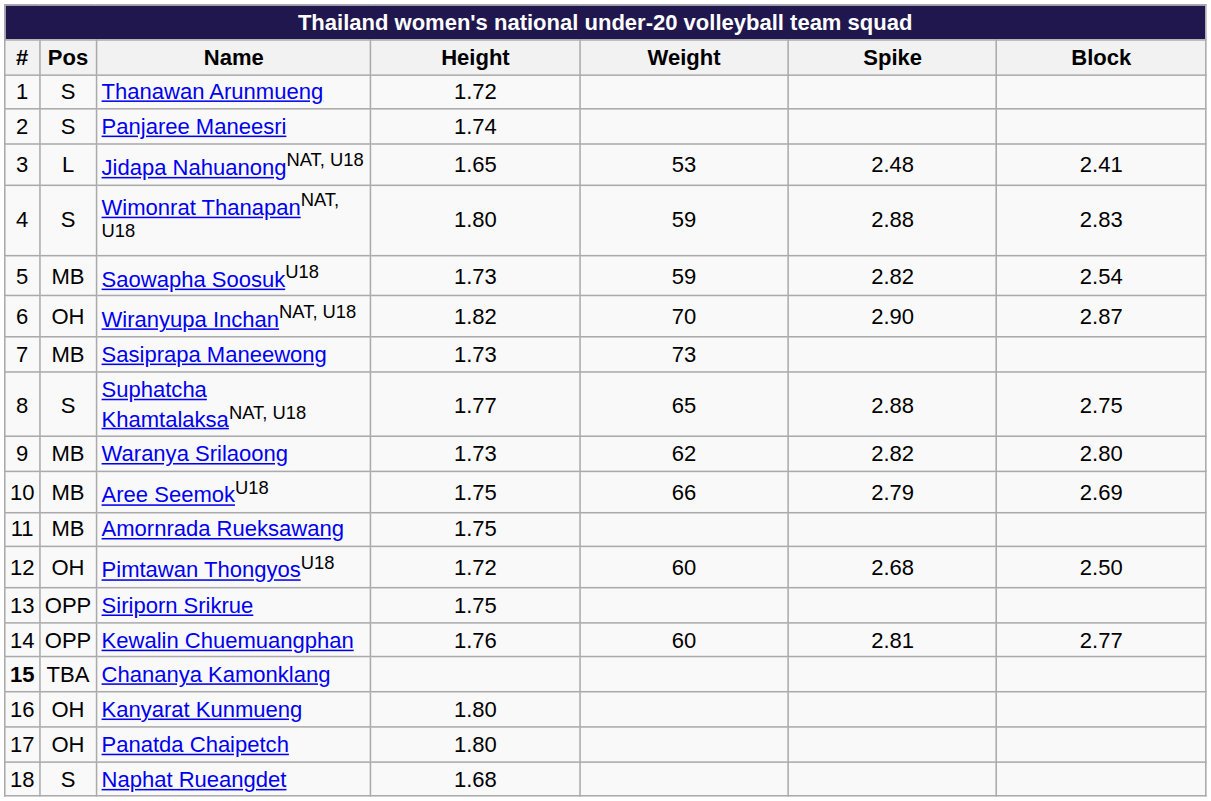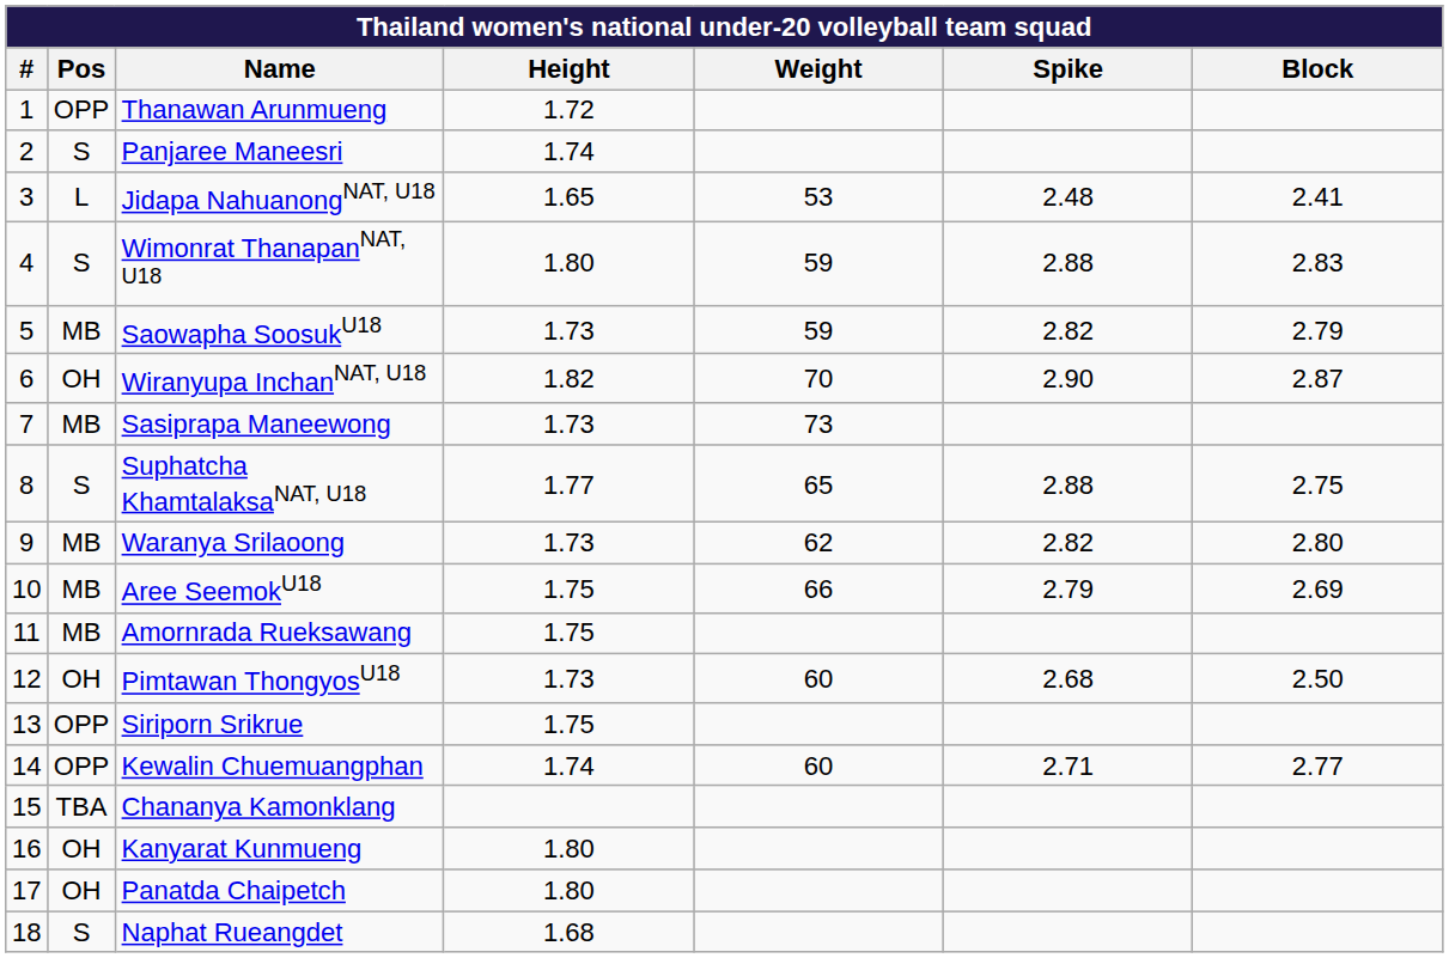 <table class="wikitable sortable" style="font-size:90%; text-align:left;">
 <tr>
 <th colspan=7 style="background:#1F174E; color:#FFFFFF;">Thailand women's national under-20 volleyball team squad</th>
 </tr>
 <tr>
 <th>#</th>
 <th>Pos</th>
 <th style="width:12em">Name</th>
 <th style="width:9em">Height</th>
 <th style="width:9em">Weight</th>
 <th style="width:9em">Spike</th>
 <th style="width:9em">Block</th>
 </tr>
 <tr>
 <td align=center>1</td>
-<td align=center>S</td>
+<td align=center>OPP</td>
 <td><a href='#'>Thanawan Arunmueng</a></td>
 <td align=center>1.72</td>
 <td></td>
 <td></td>
 <td></td>
 </tr>
 <tr>
 <td align=center>2</td>
 <td align=center>S</td>
 <td><a href='#'>Panjaree Maneesri</a></td>
 <td align=center>1.74</td>
 <td></td>
 <td></td>
 <td></td>
 </tr>
 <tr>
 <td align=center>3</td>
 <td align=center>L</td>
 <td><a href='#'>Jidapa Nahuanong</a><sup>NAT, U18</sup></td>
 <td align=center>1.65</td>
 <td align=center>53</td>
 <td align=center>2.48</td>
 <td align=center>2.41</td>
 </tr>
 <tr>
 <td align=center>4</td>
 <td align=center>S</td>
 <td><a href='#'>Wimonrat Thanapan</a><sup>NAT, U18</sup></td>
 <td align=center>1.80</td>
 <td align=center>59</td>
 <td align=center>2.88</td>
 <td align=center>2.83</td>
 </tr>
 <tr>
 <td align=center>5</td>
 <td align=center>MB</td>
 <td><a href='#'>Saowapha Soosuk</a><sup>U18</sup></td>
 <td align=center>1.73</td>
 <td align=center>59</td>
 <td align=center>2.82</td>
-<td align=center>2.54</td>
+<td align=center>2.79</td>
 </tr>
 <tr>
 <td align=center>6</td>
 <td align=center>OH</td>
 <td><a href='#'>Wiranyupa Inchan</a><sup>NAT, U18</sup></td>
 <td align=center>1.82</td>
 <td align=center>70</td>
 <td align=center>2.90</td>
 <td align=center>2.87</td>
 </tr>
 <tr>
 <td align=center>7</td>
 <td align=center>MB</td>
 <td><a href='#'>Sasiprapa Maneewong</a></td>
 <td align=center>1.73</td>
 <td align=center>73</td>
 <td></td>
 <td></td>
 </tr>
 <tr>
 <td align=center>8</td>
 <td align=center>S</td>
 <td><a href='#'>Suphatcha Khamtalaksa</a><sup>NAT, U18</sup></td>
 <td align=center>1.77</td>
 <td align=center>65</td>
 <td align=center>2.88</td>
 <td align=center>2.75</td>
 </tr>
 <tr>
 <td align=center>9</td>
 <td align=center>MB</td>
 <td><a href='#'>Waranya Srilaoong</a></td>
 <td align=center>1.73</td>
 <td align=center>62</td>
 <td align=center>2.82</td>
 <td align=center>2.80</td>
 </tr>
 <tr>
 <td align=center>10</td>
 <td align=center>MB</td>
 <td><a href='#'>Aree Seemok</a><sup>U18</sup></td>
 <td align=center>1.75</td>
 <td align=center>66</td>
 <td align=center>2.79</td>
 <td align=center>2.69</td>
 </tr>
 <tr>
 <td align=center>11</td>
 <td align=center>MB</td>
 <td><a href='#'>Amornrada Rueksawang</a></td>
 <td align=center>1.75</td>
 <td></td>
 <td></td>
 <td></td>
 </tr>
 <tr>
 <td align=center>12</td>
 <td align=center>OH</td>
 <td><a href='#'>Pimtawan Thongyos</a><sup>U18</sup></td>
-<td align=center>1.72</td>
+<td align=center>1.73</td>
 <td align=center>60</td>
 <td align=center>2.68</td>
 <td align=center>2.50</td>
 </tr>
 <tr>
 <td align=center>13</td>
 <td align=center>OPP</td>
 <td><a href='#'>Siriporn Srikrue</a></td>
 <td align=center>1.75</td>
 <td></td>
 <td></td>
 <td></td>
 </tr>
 <tr>
 <td align=center>14</td>
 <td align=center>OPP</td>
 <td><a href='#'>Kewalin Chuemuangphan</a></td>
-<td align=center>1.76</td>
+<td align=center>1.74</td>
 <td align=center>60</td>
-<td align=center>2.81</td>
+<td align=center>2.71</td>
 <td align=center>2.77</td>
 </tr>
 <tr>
-<td align=center><strong>15</strong></td>
+<td align=center>15</td>
 <td align=center>TBA</td>
 <td><a href='#'>Chananya Kamonklang</a></td>
 <td></td>
 <td></td>
 <td></td>
 <td></td>
 </tr>
 <tr>
 <td align=center>16</td>
 <td align=center>OH</td>
 <td><a href='#'>Kanyarat Kunmueng</a></td>
 <td align=center>1.80</td>
 <td></td>
 <td></td>
 <td></td>
 </tr>
 <tr>
 <td align=center>17</td>
 <td align=center>OH</td>
 <td><a href='#'>Panatda Chaipetch</a></td>
 <td align=center>1.80</td>
 <td></td>
 <td></td>
 <td></td>
 </tr>
 <tr>
 <td align=center>18</td>
 <td align=center>S</td>
 <td><a href='#'>Naphat Rueangdet</a></td>
 <td align=center>1.68</td>
 <td></td>
 <td></td>
 <td></td>
 </tr>
 </table>
